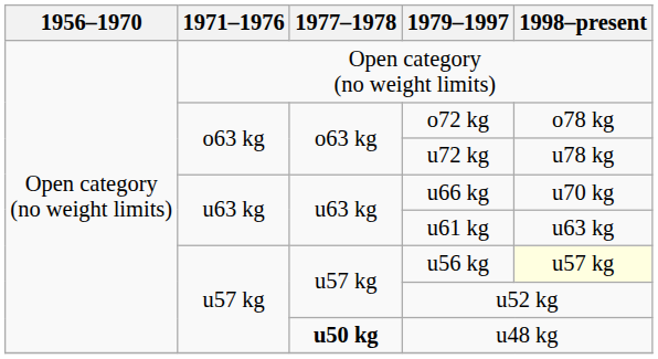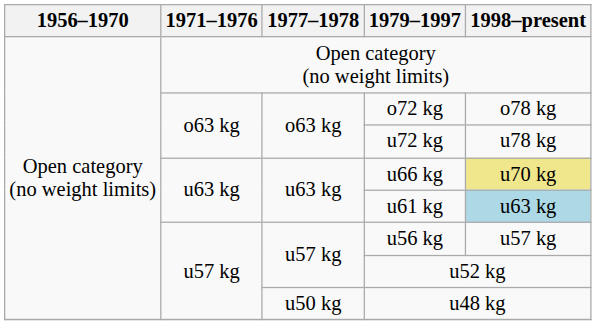 <table class="wikitable"  style="text-align:center">
 <tr>
 <th>1956–1970</th>
 <th>1971–1976</th>
 <th>1977–1978</th>
 <th>1979–1997</th>
 <th>1998–present</th>
 </tr>
 <tr>
 <td rowspan=8>Open category<br>(no weight limits)</td>
 <td colspan=4>Open category<br>(no weight limits)</td>
 </tr>
 <tr>
 <td rowspan=2>o63 kg</td>
 <td rowspan=2>o63 kg</td>
 <td>o72 kg</td>
 <td>o78 kg</td>
 </tr>
 <tr>
 <td>u72 kg</td>
 <td>u78 kg</td>
 </tr>
 <tr>
 <td rowspan=2>u63 kg</td>
 <td rowspan=2>u63 kg</td>
 <td>u66 kg</td>
-<td>u70 kg</td>
+<td style="background: khaki;">u70 kg</td>
 </tr>
 <tr>
 <td>u61 kg</td>
-<td>u63 kg</td>
+<td style="background: lightblue;">u63 kg</td>
 </tr>
 <tr>
 <td rowspan=3>u57 kg</td>
 <td rowspan=2>u57 kg</td>
 <td>u56 kg</td>
-<td style="background: lightyellow;">u57 kg</td>
+<td>u57 kg</td>
 </tr>
 <tr>
 <td colspan=2>u52 kg</td>
 </tr>
 <tr>
-<td><strong>u50 kg</strong></td>
+<td>u50 kg</td>
 <td colspan=2>u48 kg</td>
 </tr>
 <tr>
 </tr>
 </table>
